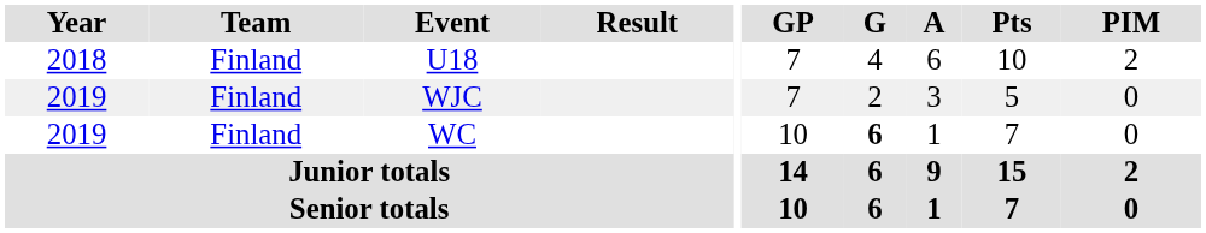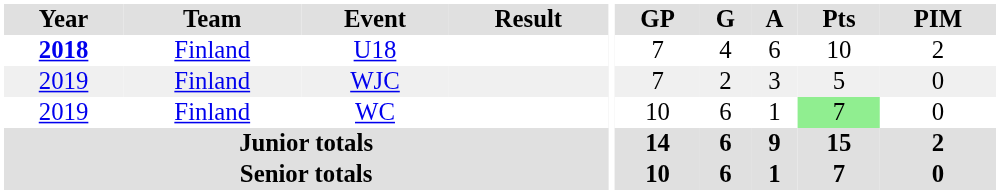 <table border="0" cellpadding="1" cellspacing="0" ID="Table3" style="text-align:center; width:40em;">
 <tr bgcolor="#e0e0e0">
 <th>Year</th>
 <th>Team</th>
 <th>Event</th>
 <th>Result</th>
 <th rowspan="99" bgcolor="#ffffff"></th>
 <th>GP</th>
 <th>G</th>
 <th>A</th>
 <th>Pts</th>
 <th>PIM</th>
 </tr>
 <tr>
-<td><a href='#'>2018</a></td>
+<td><strong><a href='#'>2018</a></strong></td>
 <td><a href='#'>Finland</a></td>
 <td><a href='#'>U18</a></td>
 <td></td>
 <td>7</td>
 <td>4</td>
 <td>6</td>
 <td>10</td>
 <td>2</td>
 </tr>
 <tr bgcolor="#f0f0f0">
 <td><a href='#'>2019</a></td>
 <td><a href='#'>Finland</a></td>
 <td><a href='#'>WJC</a></td>
 <td></td>
 <td>7</td>
 <td>2</td>
 <td>3</td>
 <td>5</td>
 <td>0</td>
 </tr>
 <tr>
 <td><a href='#'>2019</a></td>
 <td><a href='#'>Finland</a></td>
 <td><a href='#'>WC</a></td>
 <td></td>
 <td>10</td>
-<td><strong>6</strong></td>
+<td>6</td>
 <td>1</td>
-<td>7</td>
+<td style="background: lightgreen;">7</td>
 <td>0</td>
 </tr>
 <tr bgcolor="#e0e0e0">
 <th colspan="4">Junior totals</th>
 <th>14</th>
 <th>6</th>
 <th>9</th>
 <th>15</th>
 <th>2</th>
 </tr>
 <tr bgcolor="#e0e0e0">
 <th colspan="4">Senior totals</th>
 <th>10</th>
 <th>6</th>
 <th>1</th>
 <th>7</th>
 <th>0</th>
 </tr>
 </table>
